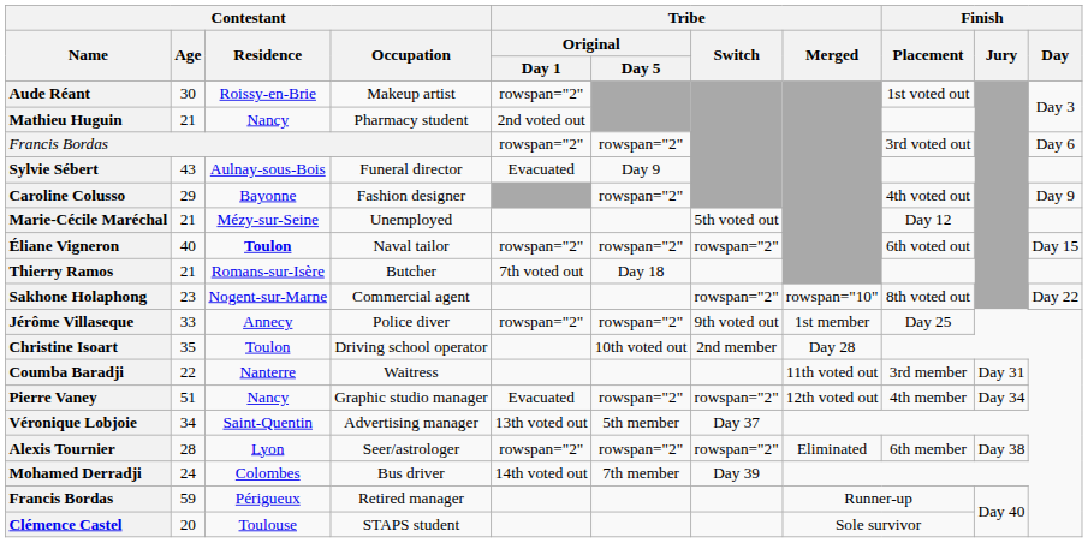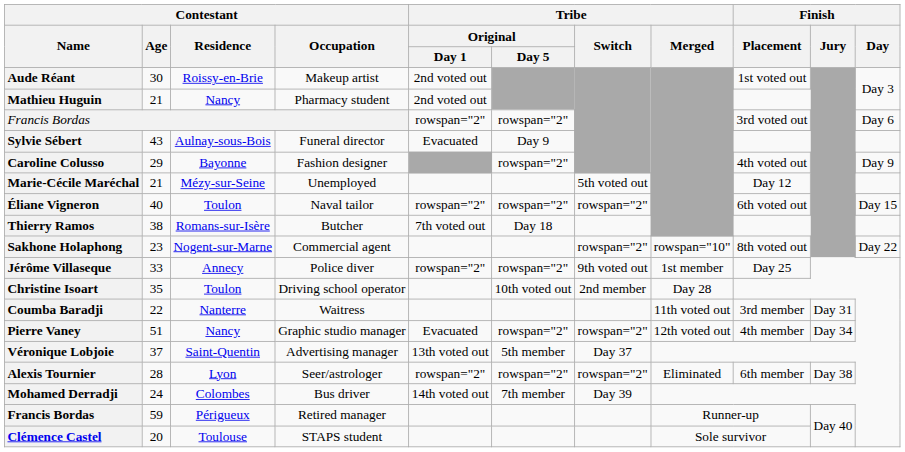 <table class="wikitable sortable" style="text-align:center;">
 <tr>
 <th colspan="4" scope="colgroup" class="unsortable">Contestant</th>
 <th colspan="4" scope="colgroup" class="unsortable">Tribe</th>
 <th colspan="3" scope="colgroup" class="unsortable">Finish</th>
 </tr>
 <tr>
 <th rowspan="2" scope="col">Name</th>
 <th rowspan="2" scope="col">Age</th>
 <th rowspan="2" scope="col" class="unsortable">Residence</th>
 <th rowspan="2" scope="col" class="unsortable">Occupation</th>
 <th colspan="2" scope="col">Original</th>
 <th rowspan="2" scope="col">Switch</th>
 <th rowspan="2" class="unsortable">Merged</th>
 <th rowspan="2" scope="col" class=unsortable>Placement</th>
 <th rowspan="2" scope="col" class=unsortable>Jury</th>
 <th rowspan="2" scope="col" class=unsortable>Day</th>
 </tr>
 <tr style="line-height:normal;">
 <th>Day 1</th>
 <th>Day 5</th>
 </tr>
 <tr>
 <th scope="row" style="text-align:left;">Aude Réant</th>
 <td>30</td>
 <td><a href='#'>Roissy-en-Brie</a></td>
 <td>Makeup artist</td>
-<td>rowspan="2" </td>
+<td>2nd voted out</td>
 <td rowspan="2" style="background:darkgray; border:none;"></td>
 <td rowspan="5" style="background:darkgray; border:none;"></td>
 <td rowspan="8" style="background:darkgray; border:none;"></td>
 <td>1st voted out</td>
 <td rowspan="9" style="background:darkgray; border:none;"></td>
 <td rowspan="2">Day 3</td>
 </tr>
 <tr>
 <th scope="row" style="text-align:left;">Mathieu Huguin</th>
 <td>21</td>
 <td><a href='#'>Nancy</a></td>
 <td>Pharmacy student</td>
 <td>2nd voted out</td>
 </tr>
 <tr>
 <th scope="row" colspan="4" style="text-align:left; font-weight:normal;"><em>Francis Bordas</em></th>
 <td>rowspan="2" </td>
 <td>rowspan="2" </td>
 <td>3rd voted out</td>
 <td>Day 6</td>
 </tr>
 <tr>
 <th scope="row" style="text-align:left;">Sylvie Sébert</th>
 <td>43</td>
 <td><a href='#'>Aulnay-sous-Bois</a></td>
 <td>Funeral director</td>
 <td>Evacuated</td>
 <td>Day 9</td>
 </tr>
 <tr>
 <th scope="row" style="text-align:left;">Caroline Colusso</th>
 <td>29</td>
 <td><a href='#'>Bayonne</a></td>
 <td>Fashion designer</td>
 <td style="background:darkgray; border:none;"></td>
 <td>rowspan="2" </td>
 <td>4th voted out</td>
 <td>Day 9</td>
 </tr>
 <tr>
 <th scope="row" style="text-align:left;">Marie-Cécile Maréchal</th>
 <td>21</td>
 <td><a href='#'>Mézy-sur-Seine</a></td>
 <td>Unemployed</td>
 <td></td>
 <td></td>
 <td>5th voted out</td>
 <td>Day 12</td>
 </tr>
 <tr>
 <th scope="row" style="text-align:left;">Éliane Vigneron</th>
 <td>40</td>
-<td><strong><a href='#'>Toulon</a></strong></td>
+<td><a href='#'>Toulon</a></td>
 <td>Naval tailor</td>
 <td>rowspan="2" </td>
 <td>rowspan="2" </td>
 <td>rowspan="2" </td>
 <td>6th voted out</td>
 <td>Day 15</td>
 </tr>
 <tr>
 <th scope="row" style="text-align:left;">Thierry Ramos</th>
-<td>21</td>
+<td>38</td>
 <td><a href='#'>Romans-sur-Isère</a></td>
 <td>Butcher</td>
 <td>7th voted out</td>
 <td>Day 18</td>
 </tr>
 <tr>
 <th scope="row" style="text-align:left;">Sakhone Holaphong</th>
 <td>23</td>
 <td><a href='#'>Nogent-sur-Marne</a></td>
 <td>Commercial agent</td>
 <td></td>
 <td></td>
 <td>rowspan="2" </td>
 <td>rowspan="10" </td>
 <td>8th voted out</td>
 <td>Day 22</td>
 </tr>
 <tr>
 <th scope="row" style="text-align:left;">Jérôme Villaseque</th>
 <td>33</td>
 <td><a href='#'>Annecy</a></td>
 <td>Police diver</td>
 <td>rowspan="2" </td>
 <td>rowspan="2" </td>
 <td>9th voted out</td>
 <td>1st member</td>
 <td>Day 25</td>
 </tr>
 <tr>
 <th scope="row" style="text-align:left;">Christine Isoart</th>
 <td>35</td>
 <td><a href='#'>Toulon</a></td>
 <td>Driving school operator</td>
 <td></td>
 <td>10th voted out</td>
 <td>2nd member</td>
 <td>Day 28</td>
 </tr>
 <tr>
 <th scope="row" style="text-align:left;">Coumba Baradji</th>
 <td>22</td>
 <td><a href='#'>Nanterre</a></td>
 <td>Waitress</td>
 <td></td>
 <td></td>
 <td></td>
 <td>11th voted out</td>
 <td>3rd member</td>
 <td>Day 31</td>
 </tr>
 <tr>
 <th scope="row" style="text-align:left;">Pierre Vaney</th>
 <td>51</td>
 <td><a href='#'>Nancy</a></td>
 <td>Graphic studio manager</td>
 <td>Evacuated</td>
 <td>rowspan="2" </td>
 <td>rowspan="2" </td>
 <td>12th voted out</td>
 <td>4th member</td>
 <td>Day 34</td>
 </tr>
 <tr>
 <th scope="row" style="text-align:left;">Véronique Lobjoie</th>
-<td>34</td>
+<td>37</td>
 <td><a href='#'>Saint-Quentin</a></td>
 <td>Advertising manager</td>
 <td>13th voted out</td>
 <td>5th member</td>
 <td>Day 37</td>
 </tr>
 <tr>
 <th scope="row" style="text-align:left;">Alexis Tournier</th>
 <td>28</td>
 <td><a href='#'>Lyon</a></td>
 <td>Seer/astrologer</td>
 <td>rowspan="2" </td>
 <td>rowspan="2" </td>
 <td>rowspan="2" </td>
 <td>Eliminated</td>
 <td>6th member</td>
 <td>Day 38</td>
 </tr>
 <tr>
 <th scope="row" style="text-align:left;">Mohamed Derradji</th>
 <td>24</td>
 <td><a href='#'>Colombes</a></td>
 <td>Bus driver</td>
 <td>14th voted out</td>
 <td>7th member</td>
 <td>Day 39</td>
 </tr>
 <tr>
 <th scope="row" style="text-align:left;">Francis Bordas</th>
 <td>59</td>
 <td><a href='#'>Périgueux</a></td>
 <td>Retired manager</td>
 <td></td>
 <td></td>
 <td></td>
 <td colspan="2">Runner-up</td>
 <td rowspan="2">Day 40</td>
 </tr>
 <tr>
 <th scope="row" style="text-align:left;"><a href='#'>Clémence Castel</a></th>
 <td>20</td>
 <td><a href='#'>Toulouse</a></td>
 <td>STAPS student</td>
 <td></td>
 <td></td>
 <td></td>
 <td colspan="2">Sole survivor</td>
 </tr>
 </table>
